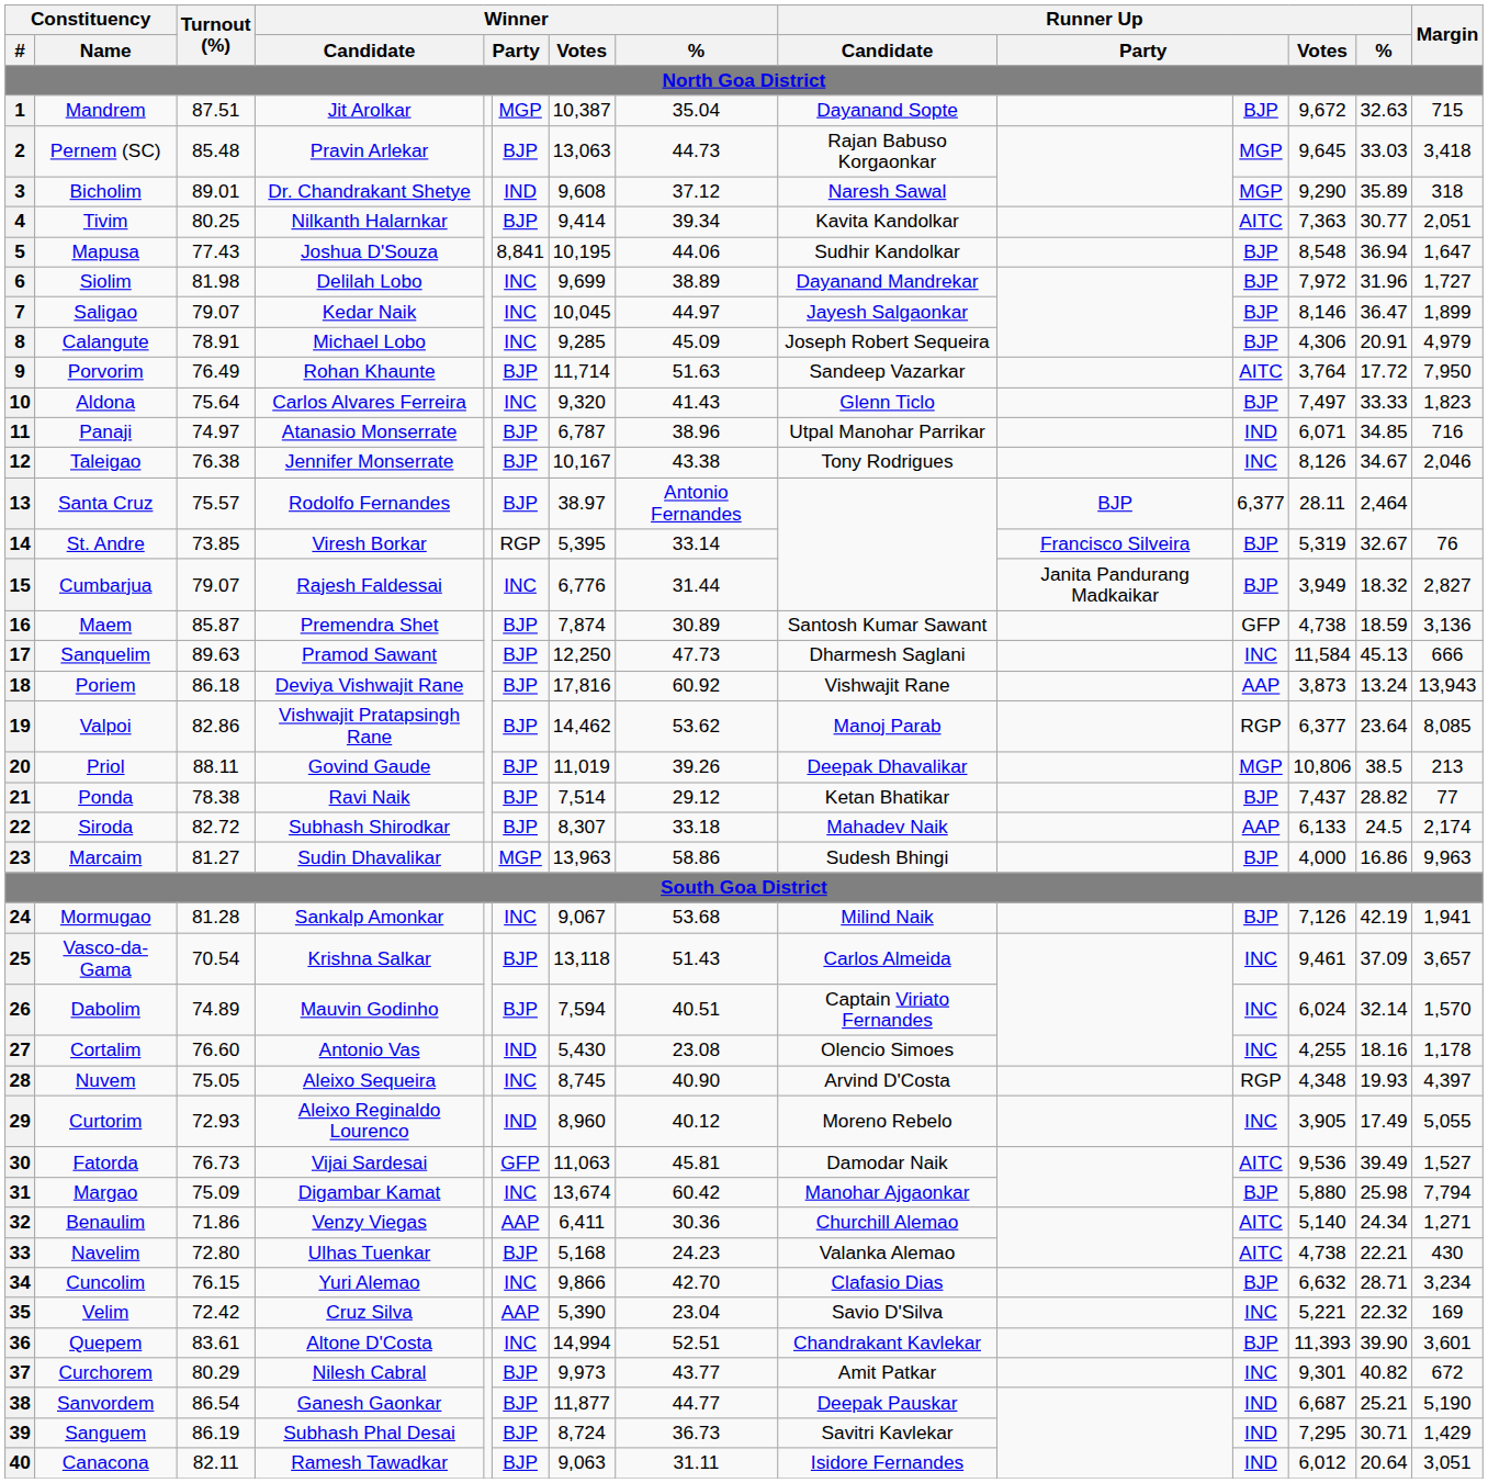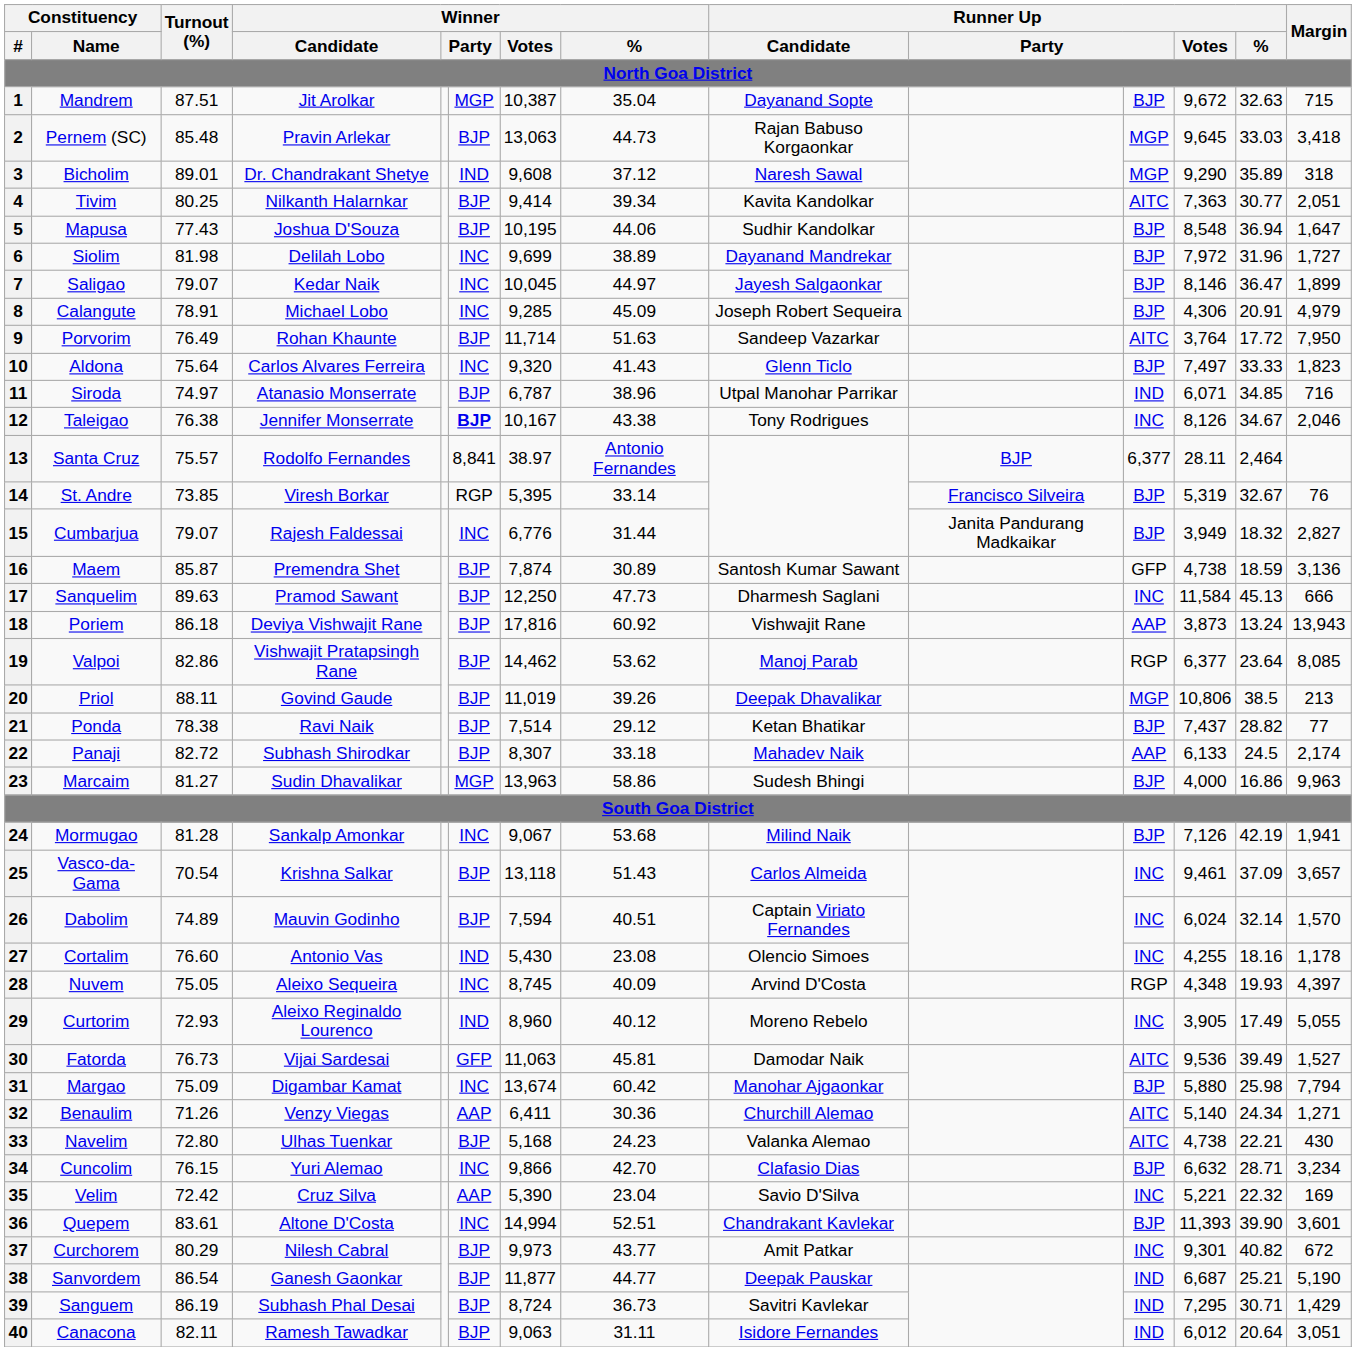 <table class="wikitable sortable" style="text-align:center;">
 <tr>
 <th colspan="2">Constituency</th>
 <th rowspan="2">Turnout<br>(%)</th>
 <th colspan="5">Winner</th>
 <th colspan="5">Runner Up</th>
 <th rowspan="2">Margin</th>
 </tr>
 <tr>
 <th>#</th>
 <th>Name</th>
 <th>Candidate</th>
 <th colspan="2">Party</th>
 <th>Votes</th>
 <th><strong>%</strong></th>
 <th>Candidate</th>
 <th colspan="2">Party</th>
 <th>Votes</th>
 <th><strong>%</strong></th>
 </tr>
 <tr>
 <td colspan="14" align="center" bgcolor="grey"><a href='#'><span><strong>North Goa District</strong></span></a></td>
 </tr>
 <tr>
 <th>1</th>
 <td><a href='#'>Mandrem</a></td>
 <td>87.51</td>
 <td><a href='#'>Jit Arolkar</a></td>
 <td></td>
 <td><a href='#'>MGP</a></td>
 <td>10,387</td>
 <td>35.04</td>
 <td><a href='#'>Dayanand Sopte</a></td>
 <td></td>
 <td><a href='#'>BJP</a></td>
 <td>9,672</td>
 <td>32.63</td>
 <td>715</td>
 </tr>
 <tr>
 <th>2</th>
 <td><a href='#'>Pernem</a> (SC) </td>
 <td>85.48</td>
 <td><a href='#'>Pravin Arlekar</a></td>
 <td></td>
 <td><a href='#'>BJP</a></td>
 <td>13,063</td>
 <td>44.73</td>
 <td>Rajan Babuso Korgaonkar</td>
 <td rowspan="2"></td>
 <td><a href='#'>MGP</a></td>
 <td>9,645</td>
 <td>33.03</td>
 <td>3,418</td>
 </tr>
 <tr>
 <th>3</th>
 <td><a href='#'>Bicholim</a></td>
 <td>89.01</td>
 <td><a href='#'>Dr. Chandrakant Shetye</a></td>
 <td></td>
 <td><a href='#'>IND</a></td>
 <td>9,608</td>
 <td>37.12</td>
 <td><a href='#'>Naresh Sawal</a></td>
 <td><a href='#'>MGP</a></td>
 <td>9,290</td>
 <td>35.89</td>
 <td>318</td>
 </tr>
 <tr>
 <th>4</th>
 <td><a href='#'>Tivim</a></td>
 <td>80.25</td>
 <td><a href='#'>Nilkanth Halarnkar</a></td>
 <td rowspan="2"></td>
 <td><a href='#'>BJP</a></td>
 <td>9,414</td>
 <td>39.34</td>
 <td>Kavita Kandolkar</td>
 <td></td>
 <td><a href='#'>AITC</a></td>
 <td>7,363</td>
 <td>30.77</td>
 <td>2,051</td>
 </tr>
 <tr>
 <th>5</th>
 <td><a href='#'>Mapusa</a></td>
 <td>77.43</td>
 <td><a href='#'>Joshua D'Souza</a></td>
-<td>8,841</td>
+<td><a href='#'>BJP</a></td>
 <td>10,195</td>
 <td>44.06</td>
 <td>Sudhir Kandolkar</td>
 <td></td>
 <td><a href='#'>BJP</a></td>
 <td>8,548</td>
 <td>36.94</td>
 <td>1,647</td>
 </tr>
 <tr>
 <th>6</th>
 <td><a href='#'>Siolim</a></td>
 <td>81.98</td>
 <td><a href='#'>Delilah Lobo</a></td>
 <td rowspan="3"></td>
 <td><a href='#'>INC</a></td>
 <td>9,699</td>
 <td>38.89</td>
 <td><a href='#'>Dayanand Mandrekar</a></td>
 <td rowspan="3"></td>
 <td><a href='#'>BJP</a></td>
 <td>7,972</td>
 <td>31.96</td>
 <td>1,727</td>
 </tr>
 <tr>
 <th>7</th>
 <td><a href='#'>Saligao</a></td>
 <td>79.07</td>
 <td><a href='#'>Kedar Naik</a></td>
 <td><a href='#'>INC</a></td>
 <td>10,045</td>
 <td>44.97</td>
 <td><a href='#'>Jayesh Salgaonkar</a></td>
 <td><a href='#'>BJP</a></td>
 <td>8,146</td>
 <td>36.47</td>
 <td>1,899</td>
 </tr>
 <tr>
 <th>8</th>
 <td><a href='#'>Calangute</a></td>
 <td>78.91</td>
 <td><a href='#'>Michael Lobo</a></td>
 <td><a href='#'>INC</a></td>
 <td>9,285</td>
 <td>45.09</td>
 <td>Joseph Robert Sequeira</td>
 <td><a href='#'>BJP</a></td>
 <td>4,306</td>
 <td>20.91</td>
 <td>4,979</td>
 </tr>
 <tr>
 <th>9</th>
 <td><a href='#'>Porvorim</a></td>
 <td>76.49</td>
 <td><a href='#'>Rohan Khaunte</a></td>
 <td></td>
 <td><a href='#'>BJP</a></td>
 <td>11,714</td>
 <td>51.63</td>
 <td>Sandeep Vazarkar</td>
 <td></td>
 <td><a href='#'>AITC</a></td>
 <td>3,764</td>
 <td>17.72</td>
 <td>7,950</td>
 </tr>
 <tr>
 <th>10</th>
 <td><a href='#'>Aldona</a></td>
 <td>75.64</td>
 <td><a href='#'>Carlos Alvares Ferreira</a></td>
 <td></td>
 <td><a href='#'>INC</a></td>
 <td>9,320</td>
 <td>41.43</td>
 <td><a href='#'>Glenn Ticlo</a></td>
 <td></td>
 <td><a href='#'>BJP</a></td>
 <td>7,497</td>
 <td>33.33</td>
 <td>1,823</td>
 </tr>
 <tr>
 <th>11</th>
-<td><a href='#'>Panaji</a></td>
+<td><a href='#'>Siroda</a></td>
 <td>74.97</td>
 <td><a href='#'>Atanasio Monserrate</a></td>
 <td rowspan="2"></td>
 <td><a href='#'>BJP</a></td>
 <td>6,787</td>
 <td>38.96</td>
 <td>Utpal Manohar Parrikar</td>
 <td></td>
 <td><a href='#'>IND</a></td>
 <td>6,071</td>
 <td>34.85</td>
 <td>716</td>
 </tr>
 <tr>
 <th>12</th>
 <td><a href='#'>Taleigao</a></td>
 <td>76.38</td>
 <td><a href='#'>Jennifer Monserrate</a></td>
-<td><a href='#'>BJP</a></td>
+<td><strong><a href='#'>BJP</a></strong></td>
 <td>10,167</td>
 <td>43.38</td>
 <td>Tony Rodrigues</td>
 <td></td>
 <td><a href='#'>INC</a></td>
 <td>8,126</td>
 <td>34.67</td>
 <td>2,046</td>
 </tr>
 <tr>
 <th>13</th>
 <td><a href='#'>Santa Cruz</a></td>
 <td>75.57</td>
 <td><a href='#'>Rodolfo Fernandes</a></td>
 <td></td>
-<td><a href='#'>BJP</a></td>
+<td>8,841</td>
 <td>38.97</td>
 <td><a href='#'>Antonio Fernandes</a></td>
 <td rowspan="3"></td>
 <td><a href='#'>BJP</a></td>
 <td>6,377</td>
 <td>28.11</td>
 <td>2,464</td>
 </tr>
 <tr>
 <th>14</th>
 <td><a href='#'>St. Andre</a></td>
 <td>73.85</td>
 <td><a href='#'>Viresh Borkar</a></td>
 <td></td>
 <td>RGP</td>
 <td>5,395</td>
 <td>33.14</td>
 <td><a href='#'>Francisco Silveira</a></td>
 <td><a href='#'>BJP</a></td>
 <td>5,319</td>
 <td>32.67</td>
 <td>76</td>
 </tr>
 <tr>
 <th>15</th>
 <td><a href='#'>Cumbarjua</a></td>
 <td>79.07</td>
 <td><a href='#'>Rajesh Faldessai</a></td>
 <td></td>
 <td><a href='#'>INC</a></td>
 <td>6,776</td>
 <td>31.44</td>
 <td>Janita Pandurang Madkaikar</td>
 <td><a href='#'>BJP</a></td>
 <td>3,949</td>
 <td>18.32</td>
 <td>2,827</td>
 </tr>
 <tr>
 <th>16</th>
 <td><a href='#'>Maem</a></td>
 <td>85.87</td>
 <td><a href='#'>Premendra Shet</a></td>
 <td rowspan="7"></td>
 <td><a href='#'>BJP</a></td>
 <td>7,874</td>
 <td>30.89</td>
 <td>Santosh Kumar Sawant</td>
 <td></td>
 <td>GFP</td>
 <td>4,738</td>
 <td>18.59</td>
 <td>3,136</td>
 </tr>
 <tr>
 <th>17</th>
 <td><a href='#'>Sanquelim</a></td>
 <td>89.63</td>
 <td><a href='#'>Pramod Sawant</a></td>
 <td><a href='#'>BJP</a></td>
 <td>12,250</td>
 <td>47.73</td>
 <td>Dharmesh Saglani</td>
 <td></td>
 <td><a href='#'>INC</a></td>
 <td>11,584</td>
 <td>45.13</td>
 <td>666</td>
 </tr>
 <tr>
 <th>18</th>
 <td><a href='#'>Poriem</a></td>
 <td>86.18</td>
 <td><a href='#'>Deviya Vishwajit Rane</a></td>
 <td><a href='#'>BJP</a></td>
 <td>17,816</td>
 <td>60.92</td>
 <td>Vishwajit Rane</td>
 <td></td>
 <td><a href='#'>AAP</a></td>
 <td>3,873</td>
 <td>13.24</td>
 <td>13,943</td>
 </tr>
 <tr>
 <th>19</th>
 <td><a href='#'>Valpoi</a></td>
 <td>82.86</td>
 <td><a href='#'>Vishwajit Pratapsingh Rane</a></td>
 <td><a href='#'>BJP</a></td>
 <td>14,462</td>
 <td>53.62</td>
 <td><a href='#'>Manoj Parab</a></td>
 <td></td>
 <td>RGP</td>
 <td>6,377</td>
 <td>23.64</td>
 <td>8,085</td>
 </tr>
 <tr>
 <th>20</th>
 <td><a href='#'>Priol</a></td>
 <td>88.11</td>
 <td><a href='#'>Govind Gaude</a></td>
 <td><a href='#'>BJP</a></td>
 <td>11,019</td>
 <td>39.26</td>
 <td><a href='#'>Deepak Dhavalikar</a></td>
 <td></td>
 <td><a href='#'>MGP</a></td>
 <td>10,806</td>
 <td>38.5</td>
 <td>213</td>
 </tr>
 <tr>
 <th>21</th>
 <td><a href='#'>Ponda</a></td>
 <td>78.38</td>
 <td><a href='#'>Ravi Naik</a></td>
 <td><a href='#'>BJP</a></td>
 <td>7,514</td>
 <td>29.12</td>
 <td>Ketan  Bhatikar</td>
 <td></td>
 <td><a href='#'>BJP</a></td>
 <td>7,437</td>
 <td>28.82</td>
 <td>77</td>
 </tr>
 <tr>
 <th>22</th>
-<td><a href='#'>Siroda</a></td>
+<td><a href='#'>Panaji</a></td>
 <td>82.72</td>
 <td><a href='#'>Subhash Shirodkar</a></td>
 <td><a href='#'>BJP</a></td>
 <td>8,307</td>
 <td>33.18</td>
 <td><a href='#'>Mahadev Naik</a></td>
 <td></td>
 <td><a href='#'>AAP</a></td>
 <td>6,133</td>
 <td>24.5</td>
 <td>2,174</td>
 </tr>
 <tr>
 <th>23</th>
 <td><a href='#'>Marcaim</a></td>
 <td>81.27</td>
 <td><a href='#'>Sudin Dhavalikar</a></td>
 <td></td>
 <td><a href='#'>MGP</a></td>
 <td>13,963</td>
 <td>58.86</td>
 <td>Sudesh Bhingi</td>
 <td></td>
 <td><a href='#'>BJP</a></td>
 <td>4,000</td>
 <td>16.86</td>
 <td>9,963</td>
 </tr>
 <tr>
 <td colspan="14" align="center" bgcolor="grey"><a href='#'><span><strong>South Goa District</strong></span></a></td>
 </tr>
 <tr>
 <th>24</th>
 <td><a href='#'>Mormugao</a></td>
 <td>81.28</td>
 <td><a href='#'>Sankalp Amonkar</a></td>
 <td></td>
 <td><a href='#'>INC</a></td>
 <td>9,067</td>
 <td>53.68</td>
 <td><a href='#'>Milind Naik</a></td>
 <td></td>
 <td><a href='#'>BJP</a></td>
 <td>7,126</td>
 <td>42.19</td>
 <td>1,941</td>
 </tr>
 <tr>
 <th>25</th>
 <td><a href='#'>Vasco-da-Gama</a></td>
 <td>70.54</td>
 <td><a href='#'>Krishna Salkar</a></td>
 <td rowspan="2"></td>
 <td><a href='#'>BJP</a></td>
 <td>13,118</td>
 <td>51.43</td>
 <td><a href='#'>Carlos Almeida</a></td>
 <td rowspan="3"></td>
 <td><a href='#'>INC</a></td>
 <td>9,461</td>
 <td>37.09</td>
 <td>3,657</td>
 </tr>
 <tr>
 <th>26</th>
 <td><a href='#'>Dabolim</a></td>
 <td>74.89</td>
 <td><a href='#'>Mauvin Godinho</a></td>
 <td><a href='#'>BJP</a></td>
 <td>7,594</td>
 <td>40.51</td>
 <td>Captain <a href='#'>Viriato  Fernandes</a></td>
 <td><a href='#'>INC</a></td>
 <td>6,024</td>
 <td>32.14</td>
 <td>1,570</td>
 </tr>
 <tr>
 <th>27</th>
 <td><a href='#'>Cortalim</a></td>
 <td>76.60</td>
 <td><a href='#'>Antonio Vas</a></td>
 <td></td>
 <td><a href='#'>IND</a></td>
 <td>5,430</td>
 <td>23.08</td>
 <td>Olencio Simoes</td>
 <td><a href='#'>INC</a></td>
 <td>4,255</td>
 <td>18.16</td>
 <td>1,178</td>
 </tr>
 <tr>
 <th>28</th>
 <td><a href='#'>Nuvem</a></td>
 <td>75.05</td>
 <td><a href='#'>Aleixo Sequeira</a></td>
 <td></td>
 <td><a href='#'>INC</a></td>
 <td>8,745</td>
-<td>40.90</td>
+<td>40.09</td>
 <td>Arvind D'Costa</td>
 <td></td>
 <td>RGP</td>
 <td>4,348</td>
 <td>19.93</td>
 <td>4,397</td>
 </tr>
 <tr>
 <th>29</th>
 <td><a href='#'>Curtorim</a></td>
 <td>72.93</td>
 <td><a href='#'>Aleixo Reginaldo Lourenco</a></td>
 <td></td>
 <td><a href='#'>IND</a></td>
 <td>8,960</td>
 <td>40.12</td>
 <td>Moreno Rebelo</td>
 <td></td>
 <td><a href='#'>INC</a></td>
 <td>3,905</td>
 <td>17.49</td>
 <td>5,055</td>
 </tr>
 <tr>
 <th>30</th>
 <td><a href='#'>Fatorda</a></td>
 <td>76.73</td>
 <td><a href='#'>Vijai Sardesai</a></td>
 <td></td>
 <td><a href='#'>GFP</a></td>
 <td>11,063</td>
 <td>45.81</td>
 <td>Damodar Naik</td>
 <td rowspan="2"></td>
 <td><a href='#'>AITC</a></td>
 <td>9,536</td>
 <td>39.49</td>
 <td>1,527</td>
 </tr>
 <tr>
 <th>31</th>
 <td><a href='#'>Margao</a></td>
 <td>75.09</td>
 <td><a href='#'>Digambar Kamat</a></td>
 <td></td>
 <td><a href='#'>INC</a></td>
 <td>13,674</td>
 <td>60.42</td>
 <td><a href='#'>Manohar Ajgaonkar</a></td>
 <td><a href='#'>BJP</a></td>
 <td>5,880</td>
 <td>25.98</td>
 <td>7,794</td>
 </tr>
 <tr>
 <th>32</th>
 <td><a href='#'>Benaulim</a></td>
-<td>71.86</td>
+<td>71.26</td>
 <td><a href='#'>Venzy Viegas</a></td>
 <td></td>
 <td><a href='#'>AAP</a></td>
 <td>6,411</td>
 <td>30.36</td>
 <td><a href='#'>Churchill Alemao</a></td>
 <td rowspan="2"></td>
 <td><a href='#'>AITC</a></td>
 <td>5,140</td>
 <td>24.34</td>
 <td>1,271</td>
 </tr>
 <tr>
 <th>33</th>
 <td><a href='#'>Navelim</a></td>
 <td>72.80</td>
 <td><a href='#'>Ulhas Tuenkar</a></td>
 <td></td>
 <td><a href='#'>BJP</a></td>
 <td>5,168</td>
 <td>24.23</td>
 <td>Valanka Alemao</td>
 <td><a href='#'>AITC</a></td>
 <td>4,738</td>
 <td>22.21</td>
 <td>430</td>
 </tr>
 <tr>
 <th>34</th>
 <td><a href='#'>Cuncolim</a></td>
 <td>76.15</td>
 <td><a href='#'>Yuri Alemao</a></td>
 <td></td>
 <td><a href='#'>INC</a></td>
 <td>9,866</td>
 <td>42.70</td>
 <td><a href='#'>Clafasio Dias</a></td>
 <td></td>
 <td><a href='#'>BJP</a></td>
 <td>6,632</td>
 <td>28.71</td>
 <td>3,234</td>
 </tr>
 <tr>
 <th>35</th>
 <td><a href='#'>Velim</a></td>
 <td>72.42</td>
 <td><a href='#'>Cruz Silva</a></td>
 <td></td>
 <td><a href='#'>AAP</a></td>
 <td>5,390</td>
 <td>23.04</td>
 <td>Savio D'Silva</td>
 <td></td>
 <td><a href='#'>INC</a></td>
 <td>5,221</td>
 <td>22.32</td>
 <td>169</td>
 </tr>
 <tr>
 <th>36</th>
 <td><a href='#'>Quepem</a></td>
 <td>83.61</td>
 <td><a href='#'>Altone D'Costa</a></td>
 <td></td>
 <td><a href='#'>INC</a></td>
 <td>14,994</td>
 <td>52.51</td>
 <td><a href='#'>Chandrakant Kavlekar</a></td>
 <td></td>
 <td><a href='#'>BJP</a></td>
 <td>11,393</td>
 <td>39.90</td>
 <td>3,601</td>
 </tr>
 <tr>
 <th>37</th>
 <td><a href='#'>Curchorem</a></td>
 <td>80.29</td>
 <td><a href='#'>Nilesh Cabral</a></td>
 <td rowspan="4"></td>
 <td><a href='#'>BJP</a></td>
 <td>9,973</td>
 <td>43.77</td>
 <td>Amit Patkar</td>
 <td></td>
 <td><a href='#'>INC</a></td>
 <td>9,301</td>
 <td>40.82</td>
 <td>672</td>
 </tr>
 <tr>
 <th>38</th>
 <td><a href='#'>Sanvordem</a></td>
 <td>86.54</td>
 <td><a href='#'>Ganesh Gaonkar</a></td>
 <td><a href='#'>BJP</a></td>
 <td>11,877</td>
 <td>44.77</td>
 <td><a href='#'>Deepak Pauskar</a></td>
 <td rowspan="3"></td>
 <td><a href='#'>IND</a></td>
 <td>6,687</td>
 <td>25.21</td>
 <td>5,190</td>
 </tr>
 <tr>
 <th>39</th>
 <td><a href='#'>Sanguem</a></td>
 <td>86.19</td>
 <td><a href='#'>Subhash Phal Desai</a></td>
 <td><a href='#'>BJP</a></td>
 <td>8,724</td>
 <td>36.73</td>
 <td>Savitri Kavlekar</td>
 <td><a href='#'>IND</a></td>
 <td>7,295</td>
 <td>30.71</td>
 <td>1,429</td>
 </tr>
 <tr>
 <th>40</th>
 <td><a href='#'>Canacona</a></td>
 <td>82.11</td>
 <td><a href='#'>Ramesh Tawadkar</a></td>
 <td><a href='#'>BJP</a></td>
 <td>9,063</td>
 <td>31.11</td>
 <td><a href='#'>Isidore Fernandes</a></td>
 <td><a href='#'>IND</a></td>
 <td>6,012</td>
 <td>20.64</td>
 <td>3,051</td>
 </tr>
 </table>
